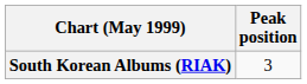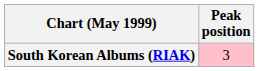 <table class="wikitable plainrowheaders">
 <tr>
 <th>Chart (May 1999)</th>
 <th>Peak<br>position</th>
 </tr>
 <tr>
 <th scope="row">South Korean Albums (<a href='#'>RIAK</a>)</th>
-<td style="text-align:center;">3</td>
+<td style="background: pink; text-align:center;">3</td>
 </tr>
 </table>
